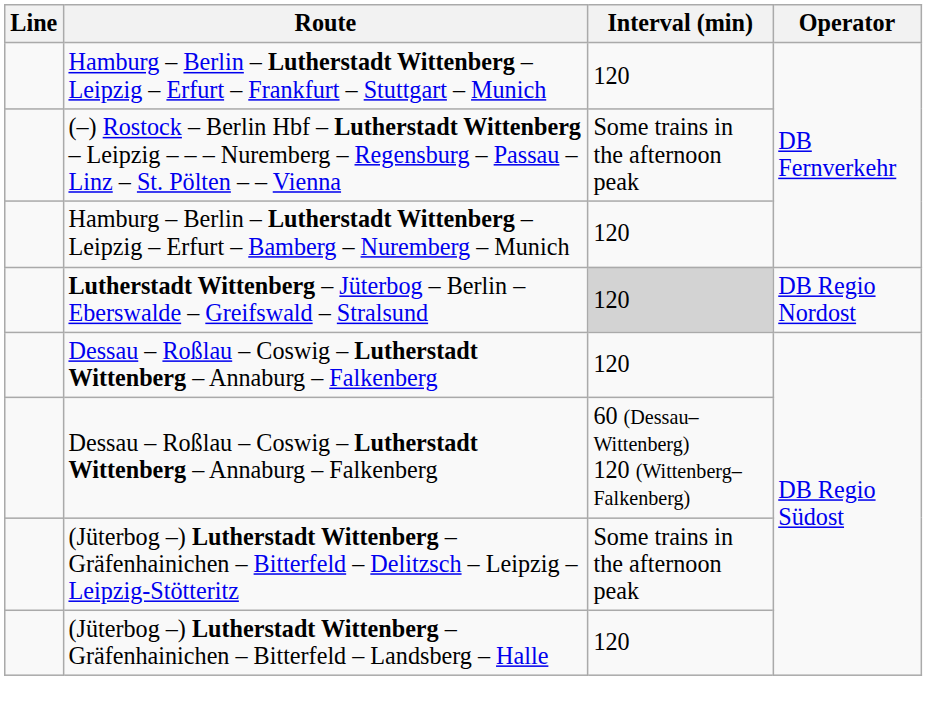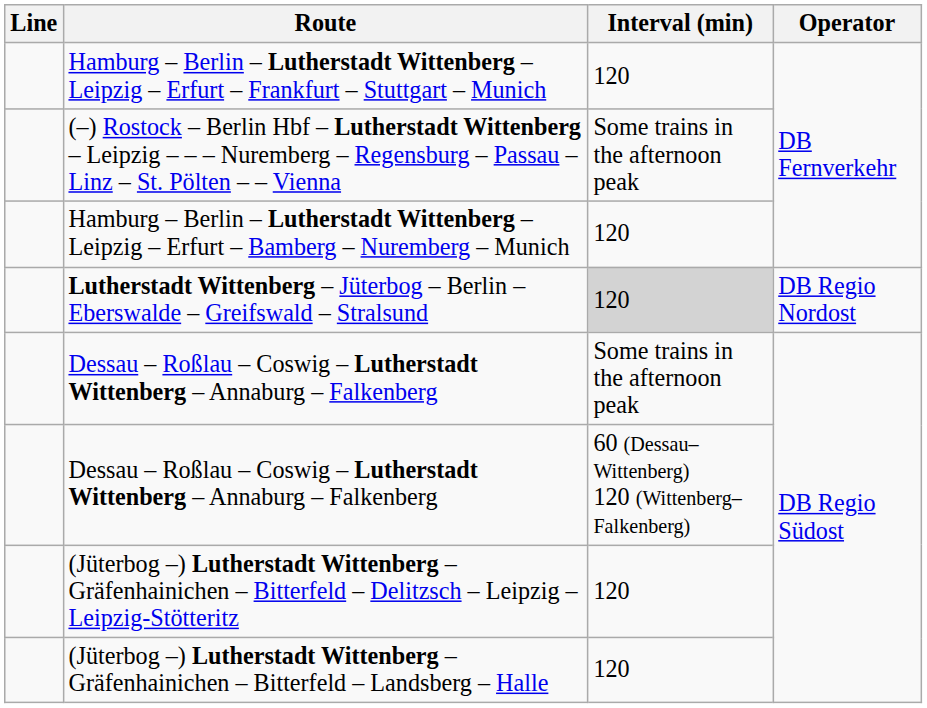 <table class="wikitable">
 <tr>
 <th>Line</th>
 <th>Route</th>
 <th>Interval (min)</th>
 <th>Operator</th>
 </tr>
 <tr>
 <td style="text-align:center"></td>
 <td><a href='#'>Hamburg</a> – <a href='#'>Berlin</a> – <strong>Lutherstadt Wittenberg</strong> – <a href='#'>Leipzig</a> – <a href='#'>Erfurt</a> – <a href='#'>Frankfurt</a> – <a href='#'>Stuttgart</a> – <a href='#'>Munich</a></td>
 <td>120</td>
 <td rowspan="3"><a href='#'>DB Fernverkehr</a></td>
 </tr>
 <tr>
 <td align="center"></td>
 <td>(–) <a href='#'>Rostock</a> – Berlin Hbf – <strong>Lutherstadt Wittenberg</strong> – Leipzig –  –  – Nuremberg – <a href='#'>Regensburg</a> – <a href='#'>Passau</a> – <a href='#'>Linz</a> – <a href='#'>St. Pölten</a> –  – <a href='#'>Vienna</a></td>
 <td>Some trains in the afternoon peak</td>
 </tr>
 <tr>
 <td style="text-align:center"></td>
 <td>Hamburg – Berlin – <strong>Lutherstadt Wittenberg</strong> – Leipzig – Erfurt – <a href='#'>Bamberg</a> – <a href='#'>Nuremberg</a> – Munich</td>
 <td>120</td>
 </tr>
 <tr>
 <td style="text-align:center"></td>
 <td><strong>Lutherstadt Wittenberg</strong> – <a href='#'>Jüterbog</a> – Berlin – <a href='#'>Eberswalde</a> – <a href='#'>Greifswald</a> – <a href='#'>Stralsund</a></td>
 <td style="background: lightgrey;">120</td>
 <td><a href='#'>DB Regio Nordost</a></td>
 </tr>
 <tr>
 <td style="text-align:center"></td>
 <td><a href='#'>Dessau</a> – <a href='#'>Roßlau</a> – Coswig – <strong>Lutherstadt Wittenberg</strong> – Annaburg – <a href='#'>Falkenberg</a></td>
-<td>120</td>
+<td>Some trains in the afternoon peak</td>
 <td rowspan="4"><a href='#'>DB Regio Südost</a></td>
 </tr>
 <tr>
 <td style="text-align:center"></td>
 <td>Dessau – Roßlau – Coswig – <strong>Lutherstadt Wittenberg</strong> – Annaburg – Falkenberg</td>
 <td>60 <small>(Dessau–Wittenberg)</small><br>120 <small>(Wittenberg–Falkenberg)</small></td>
 </tr>
 <tr>
 <td style="text-align:center"></td>
 <td>(Jüterbog –) <strong>Lutherstadt Wittenberg</strong> – Gräfenhainichen – <a href='#'>Bitterfeld</a> – <a href='#'>Delitzsch</a> – Leipzig – <a href='#'>Leipzig-Stötteritz</a></td>
-<td>Some trains in the afternoon peak</td>
+<td>120</td>
 </tr>
 <tr>
 <td style="text-align:center"></td>
 <td>(Jüterbog –) <strong>Lutherstadt Wittenberg</strong> – Gräfenhainichen – Bitterfeld – Landsberg – <a href='#'>Halle</a></td>
 <td>120</td>
 </tr>
 </table>
